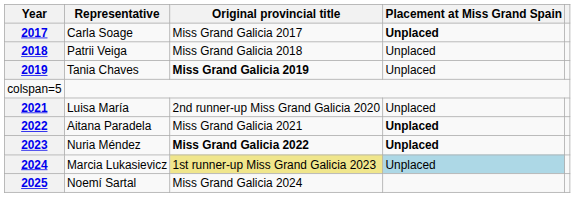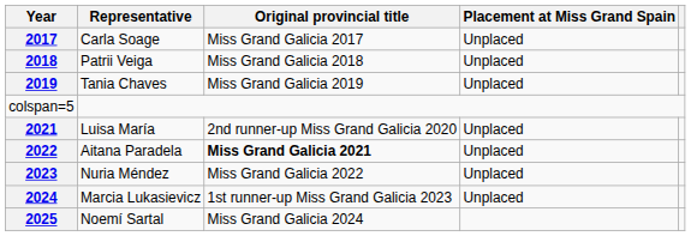 <table class="wikitable defaultcenter col2left" style="font-size:95%;">
 <tr>
 <th>Year</th>
 <th>Representative</th>
 <th>Original provincial title</th>
 <th>Placement at Miss Grand Spain</th>
 <th></th>
 </tr>
 <tr>
 <th><a href='#'>2017</a></th>
 <td>Carla Soage</td>
 <td>Miss Grand Galicia 2017</td>
-<td><strong>Unplaced</strong></td>
+<td>Unplaced</td>
 <td></td>
 </tr>
 <tr>
 <th><a href='#'>2018</a></th>
 <td>Patrii Veiga</td>
 <td>Miss Grand Galicia 2018</td>
 <td>Unplaced</td>
 <td></td>
 </tr>
 <tr>
 <th><a href='#'>2019</a></th>
 <td>Tania Chaves</td>
-<td><strong>Miss Grand Galicia 2019</strong></td>
+<td>Miss Grand Galicia 2019</td>
 <td>Unplaced</td>
 <td></td>
 </tr>
 <tr>
 <td>colspan=5 </td>
 </tr>
 <tr>
 <th><a href='#'>2021</a></th>
 <td>Luisa María</td>
 <td>2nd runner-up Miss Grand Galicia 2020</td>
 <td>Unplaced</td>
 <td></td>
 </tr>
 <tr>
 <th><a href='#'>2022</a></th>
 <td>Aitana Paradela</td>
-<td>Miss Grand Galicia 2021</td>
-<td><strong>Unplaced</strong></td>
+<td><strong>Miss Grand Galicia 2021</strong></td>
+<td>Unplaced</td>
 <td></td>
 </tr>
 <tr>
 <th><a href='#'>2023</a></th>
 <td>Nuria Méndez</td>
-<td><strong>Miss Grand Galicia 2022</strong></td>
-<td><strong>Unplaced</strong></td>
+<td>Miss Grand Galicia 2022</td>
+<td>Unplaced</td>
 <td></td>
 </tr>
 <tr>
 <th><a href='#'>2024</a></th>
 <td>Marcia Lukasievicz</td>
-<td style="background: khaki;">1st runner-up Miss Grand Galicia 2023</td>
-<td style="background: lightblue;">Unplaced</td>
+<td>1st runner-up Miss Grand Galicia 2023</td>
+<td>Unplaced</td>
 <td></td>
 </tr>
 <tr>
 <th><a href='#'>2025</a></th>
 <td>Noemí Sartal</td>
 <td>Miss Grand Galicia 2024</td>
 <td></td>
 <td></td>
 </tr>
 </table>
